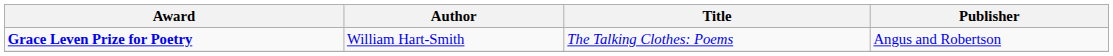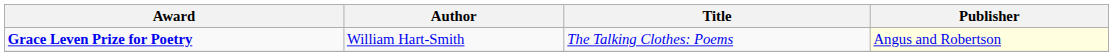 <table class="wikitable" width=95%>
 <tr>
 <th>Award</th>
 <th>Author</th>
 <th>Title</th>
 <th>Publisher</th>
 </tr>
 <tr>
 <td><strong><a href='#'>Grace Leven Prize for Poetry</a></strong></td>
 <td><a href='#'>William Hart-Smith</a></td>
 <td><em><a href='#'>The Talking Clothes: Poems</a></em></td>
-<td><a href='#'>Angus and Robertson</a></td>
+<td style="background: lightyellow;"><a href='#'>Angus and Robertson</a></td>
 </tr>
 <tr>
 </tr>
 </table>
